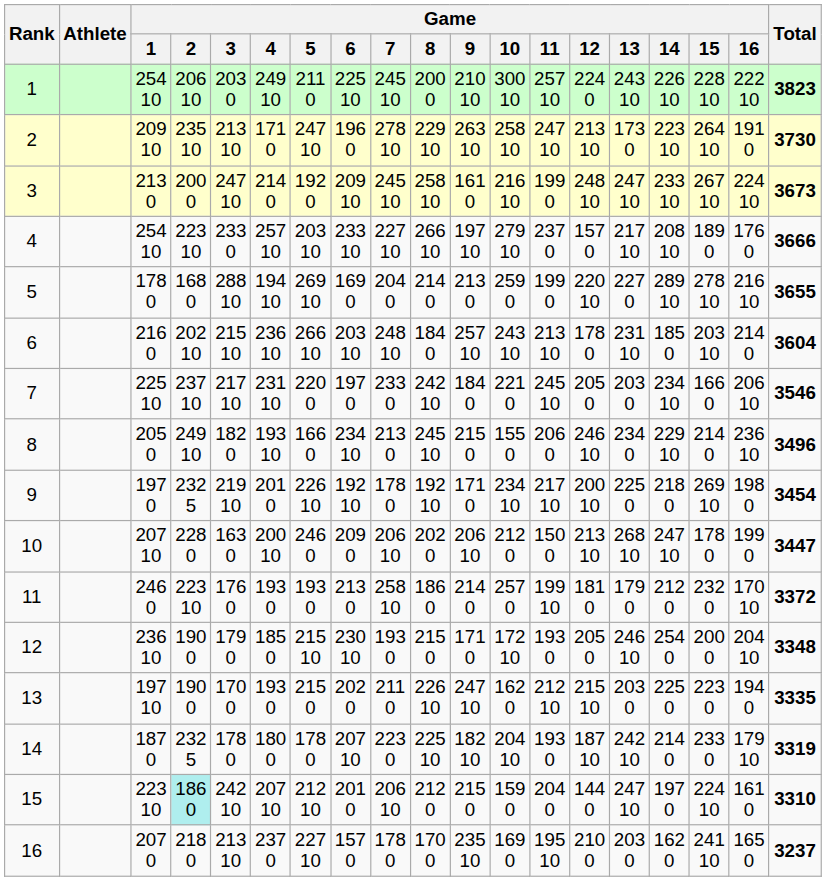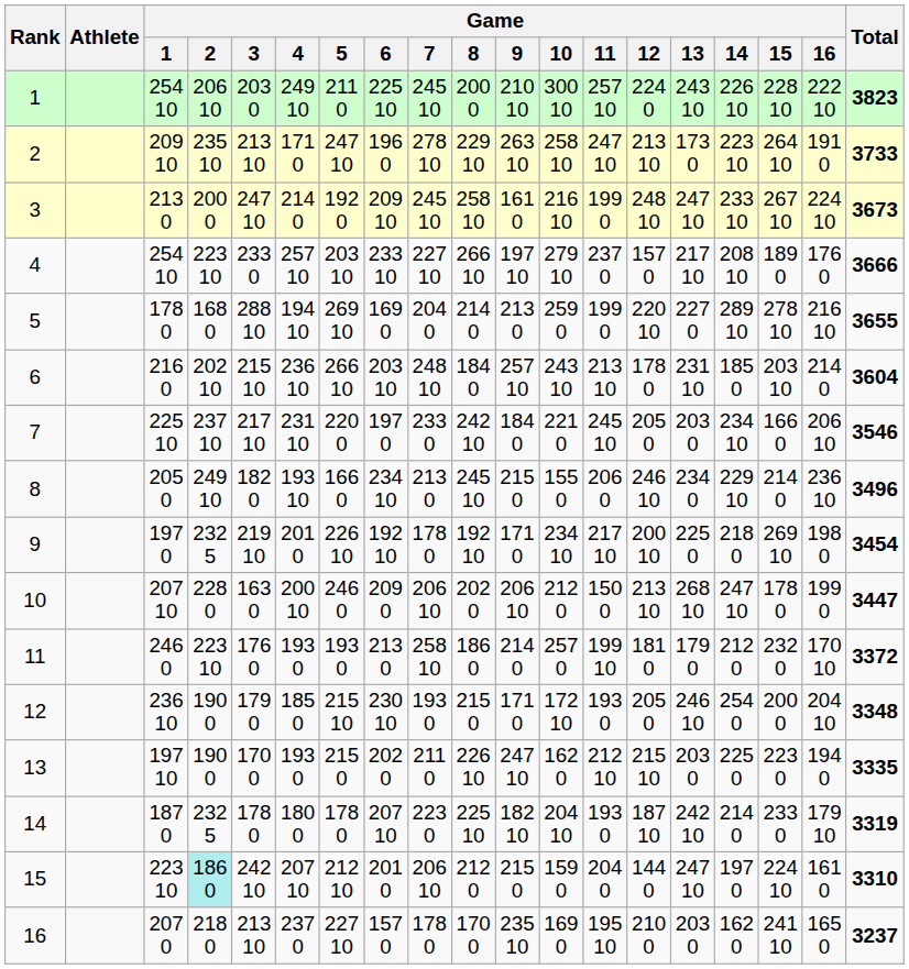 <table class=wikitable style="text-align:center">
 <tr>
 <th rowspan="2" width=40>Rank</th>
 <th rowspan="2" width=250>Athlete</th>
 <th colspan="16">Game</th>
 <th rowspan="2" width=50>Total</th>
 </tr>
 <tr>
 <th width=25>1</th>
 <th width=25>2</th>
 <th width=25>3</th>
 <th width=25>4</th>
 <th width=25>5</th>
 <th width=25>6</th>
 <th width=25>7</th>
 <th width=25>8</th>
 <th width=25>9</th>
 <th width=25>10</th>
 <th width=25>11</th>
 <th width=25>12</th>
 <th width=25>13</th>
 <th width=25>14</th>
 <th width=25>15</th>
 <th width=25>16</th>
 </tr>
 <tr bgcolor="#ccffcc">
 <td>1</td>
 <td align=left></td>
 <td>254<br>10</td>
 <td>206<br>10</td>
 <td>203<br>0</td>
 <td>249<br>10</td>
 <td>211<br>0</td>
 <td>225<br>10</td>
 <td>245<br>10</td>
 <td>200<br>0</td>
 <td>210<br>10</td>
 <td>300<br>10</td>
 <td>257<br>10</td>
 <td>224<br>0</td>
 <td>243<br>10</td>
 <td>226<br>10</td>
 <td>228<br>10</td>
 <td>222<br>10</td>
 <td><strong>3823</strong></td>
 </tr>
 <tr bgcolor="#ffffcc">
 <td>2</td>
 <td align=left></td>
 <td>209<br>10</td>
 <td>235<br>10</td>
 <td>213<br>10</td>
 <td>171<br>0</td>
 <td>247<br>10</td>
 <td>196<br>0</td>
 <td>278<br>10</td>
 <td>229<br>10</td>
 <td>263<br>10</td>
 <td>258<br>10</td>
 <td>247<br>10</td>
 <td>213<br>10</td>
 <td>173<br>0</td>
 <td>223<br>10</td>
 <td>264<br>10</td>
 <td>191<br>0</td>
-<td><strong>3730</strong></td>
+<td><strong>3733</strong></td>
 </tr>
 <tr bgcolor="#ffffcc">
 <td>3</td>
 <td align=left></td>
 <td>213<br>0</td>
 <td>200<br>0</td>
 <td>247<br>10</td>
 <td>214<br>0</td>
 <td>192<br>0</td>
 <td>209<br>10</td>
 <td>245<br>10</td>
 <td>258<br>10</td>
 <td>161<br>0</td>
 <td>216<br>10</td>
 <td>199<br>0</td>
 <td>248<br>10</td>
 <td>247<br>10</td>
 <td>233<br>10</td>
 <td>267<br>10</td>
 <td>224<br>10</td>
 <td><strong>3673</strong></td>
 </tr>
 <tr>
 <td>4</td>
 <td align=left></td>
 <td>254<br>10</td>
 <td>223<br>10</td>
 <td>233<br>0</td>
 <td>257<br>10</td>
 <td>203<br>10</td>
 <td>233<br>10</td>
 <td>227<br>10</td>
 <td>266<br>10</td>
 <td>197<br>10</td>
 <td>279<br>10</td>
 <td>237<br>0</td>
 <td>157<br>0</td>
 <td>217<br>10</td>
 <td>208<br>10</td>
 <td>189<br>0</td>
 <td>176<br>0</td>
 <td><strong>3666</strong></td>
 </tr>
 <tr>
 <td>5</td>
 <td align=left></td>
 <td>178<br>0</td>
 <td>168<br>0</td>
 <td>288<br>10</td>
 <td>194<br>10</td>
 <td>269<br>10</td>
 <td>169<br>0</td>
 <td>204<br>0</td>
 <td>214<br>0</td>
 <td>213<br>0</td>
 <td>259<br>0</td>
 <td>199<br>0</td>
 <td>220<br>10</td>
 <td>227<br>0</td>
 <td>289<br>10</td>
 <td>278<br>10</td>
 <td>216<br>10</td>
 <td><strong>3655</strong></td>
 </tr>
 <tr>
 <td>6</td>
 <td align=left></td>
 <td>216<br>0</td>
 <td>202<br>10</td>
 <td>215<br>10</td>
 <td>236<br>10</td>
 <td>266<br>10</td>
 <td>203<br>10</td>
 <td>248<br>10</td>
 <td>184<br>0</td>
 <td>257<br>10</td>
 <td>243<br>10</td>
 <td>213<br>10</td>
 <td>178<br>0</td>
 <td>231<br>10</td>
 <td>185<br>0</td>
 <td>203<br>10</td>
 <td>214<br>0</td>
 <td><strong>3604</strong></td>
 </tr>
 <tr>
 <td>7</td>
 <td align=left></td>
 <td>225<br>10</td>
 <td>237<br>10</td>
 <td>217<br>10</td>
 <td>231<br>10</td>
 <td>220<br>0</td>
 <td>197<br>0</td>
 <td>233<br>0</td>
 <td>242<br>10</td>
 <td>184<br>0</td>
 <td>221<br>0</td>
 <td>245<br>10</td>
 <td>205<br>0</td>
 <td>203<br>0</td>
 <td>234<br>10</td>
 <td>166<br>0</td>
 <td>206<br>10</td>
 <td><strong>3546</strong></td>
 </tr>
 <tr>
 <td>8</td>
 <td align=left></td>
 <td>205<br>0</td>
 <td>249<br>10</td>
 <td>182<br>0</td>
 <td>193<br>10</td>
 <td>166<br>0</td>
 <td>234<br>10</td>
 <td>213<br>0</td>
 <td>245<br>10</td>
 <td>215<br>0</td>
 <td>155<br>0</td>
 <td>206<br>0</td>
 <td>246<br>10</td>
 <td>234<br>0</td>
 <td>229<br>10</td>
 <td>214<br>0</td>
 <td>236<br>10</td>
 <td><strong>3496</strong></td>
 </tr>
 <tr>
 <td>9</td>
 <td align=left></td>
 <td>197<br>0</td>
 <td>232<br>5</td>
 <td>219<br>10</td>
 <td>201<br>0</td>
 <td>226<br>10</td>
 <td>192<br>10</td>
 <td>178<br>0</td>
 <td>192<br>10</td>
 <td>171<br>0</td>
 <td>234<br>10</td>
 <td>217<br>10</td>
 <td>200<br>10</td>
 <td>225<br>0</td>
 <td>218<br>0</td>
 <td>269<br>10</td>
 <td>198<br>0</td>
 <td><strong>3454</strong></td>
 </tr>
 <tr>
 <td>10</td>
 <td align=left></td>
 <td>207<br>10</td>
 <td>228<br>0</td>
 <td>163<br>0</td>
 <td>200<br>10</td>
 <td>246<br>0</td>
 <td>209<br>0</td>
 <td>206<br>10</td>
 <td>202<br>0</td>
 <td>206<br>10</td>
 <td>212<br>0</td>
 <td>150<br>0</td>
 <td>213<br>10</td>
 <td>268<br>10</td>
 <td>247<br>10</td>
 <td>178<br>0</td>
 <td>199<br>0</td>
 <td><strong>3447</strong></td>
 </tr>
 <tr>
 <td>11</td>
 <td align=left></td>
 <td>246<br>0</td>
 <td>223<br>10</td>
 <td>176<br>0</td>
 <td>193<br>0</td>
 <td>193<br>0</td>
 <td>213<br>0</td>
 <td>258<br>10</td>
 <td>186<br>0</td>
 <td>214<br>0</td>
 <td>257<br>0</td>
 <td>199<br>10</td>
 <td>181<br>0</td>
 <td>179<br>0</td>
 <td>212<br>0</td>
 <td>232<br>0</td>
 <td>170<br>10</td>
 <td><strong>3372</strong></td>
 </tr>
 <tr>
 <td>12</td>
 <td align=left></td>
 <td>236<br>10</td>
 <td>190<br>0</td>
 <td>179<br>0</td>
 <td>185<br>0</td>
 <td>215<br>10</td>
 <td>230<br>10</td>
 <td>193<br>0</td>
 <td>215<br>0</td>
 <td>171<br>0</td>
 <td>172<br>10</td>
 <td>193<br>0</td>
 <td>205<br>0</td>
 <td>246<br>10</td>
 <td>254<br>0</td>
 <td>200<br>0</td>
 <td>204<br>10</td>
 <td><strong>3348</strong></td>
 </tr>
 <tr>
 <td>13</td>
 <td align=left></td>
 <td>197<br>10</td>
 <td>190<br>0</td>
 <td>170<br>0</td>
 <td>193<br>0</td>
 <td>215<br>0</td>
 <td>202<br>0</td>
 <td>211<br>0</td>
 <td>226<br>10</td>
 <td>247<br>10</td>
 <td>162<br>0</td>
 <td>212<br>10</td>
 <td>215<br>10</td>
 <td>203<br>0</td>
 <td>225<br>0</td>
 <td>223<br>0</td>
 <td>194<br>0</td>
 <td><strong>3335</strong></td>
 </tr>
 <tr>
 <td>14</td>
 <td align=left></td>
 <td>187<br>0</td>
 <td>232<br>5</td>
 <td>178<br>0</td>
 <td>180<br>0</td>
 <td>178<br>0</td>
 <td>207<br>10</td>
 <td>223<br>0</td>
 <td>225<br>10</td>
 <td>182<br>10</td>
 <td>204<br>10</td>
 <td>193<br>0</td>
 <td>187<br>10</td>
 <td>242<br>10</td>
 <td>214<br>0</td>
 <td>233<br>0</td>
 <td>179<br>10</td>
 <td><strong>3319</strong></td>
 </tr>
 <tr>
 <td>15</td>
 <td align=left></td>
 <td>223<br>10</td>
 <td style="background: paleturquoise;">186<br>0</td>
 <td>242<br>10</td>
 <td>207<br>10</td>
 <td>212<br>10</td>
 <td>201<br>0</td>
 <td>206<br>10</td>
 <td>212<br>0</td>
 <td>215<br>0</td>
 <td>159<br>0</td>
 <td>204<br>0</td>
 <td>144<br>0</td>
 <td>247<br>10</td>
 <td>197<br>0</td>
 <td>224<br>10</td>
 <td>161<br>0</td>
 <td><strong>3310</strong></td>
 </tr>
 <tr>
 <td>16</td>
 <td align=left></td>
 <td>207<br>0</td>
 <td>218<br>0</td>
 <td>213<br>10</td>
 <td>237<br>0</td>
 <td>227<br>10</td>
 <td>157<br>0</td>
 <td>178<br>0</td>
 <td>170<br>0</td>
 <td>235<br>10</td>
 <td>169<br>0</td>
 <td>195<br>10</td>
 <td>210<br>0</td>
 <td>203<br>0</td>
 <td>162<br>0</td>
 <td>241<br>10</td>
 <td>165<br>0</td>
 <td><strong>3237</strong></td>
 </tr>
 </table>
